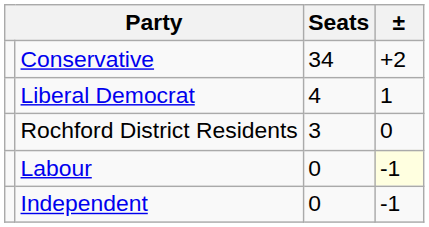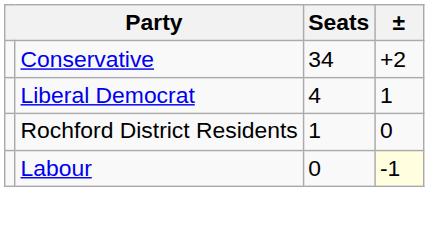 <table class="wikitable">
 <tr>
 <th colspan="2">Party</th>
 <th>Seats</th>
 <th>  ±  </th>
 </tr>
 <tr>
 <td style="background-color: "></td>
 <td><a href='#'>Conservative</a></td>
 <td>34</td>
 <td>+2</td>
 </tr>
 <tr>
 <td style="background-color: "></td>
 <td><a href='#'>Liberal Democrat</a></td>
 <td>4</td>
 <td>1</td>
 </tr>
 <tr>
 <td style="background-color: "></td>
 <td>Rochford District Residents</td>
-<td>3</td>
+<td>1</td>
 <td>0</td>
 </tr>
 <tr>
 <td style="background-color: "></td>
 <td><a href='#'>Labour</a></td>
 <td>0</td>
 <td style="background: lightyellow;">-1</td>
 </tr>
-<tr>
-<td style="background-color: "></td>
-<td><a href='#'>Independent</a></td>
-<td>0</td>
-<td>-1</td>
-</tr>
 </table>
